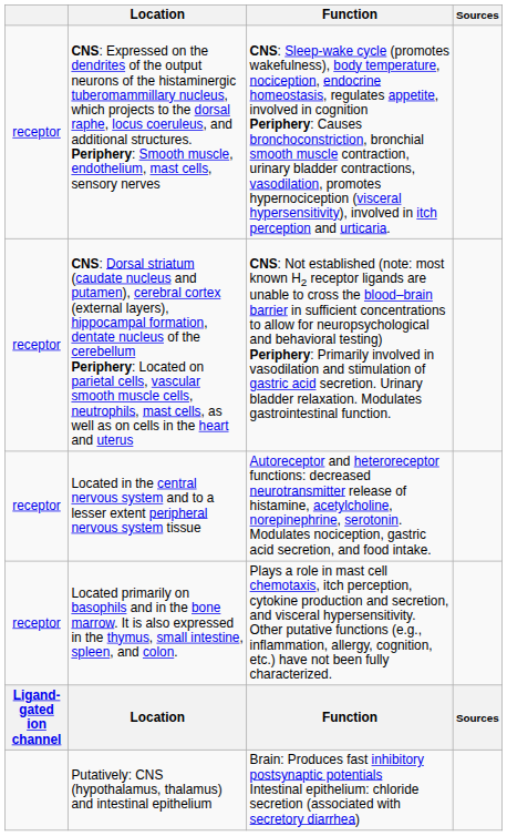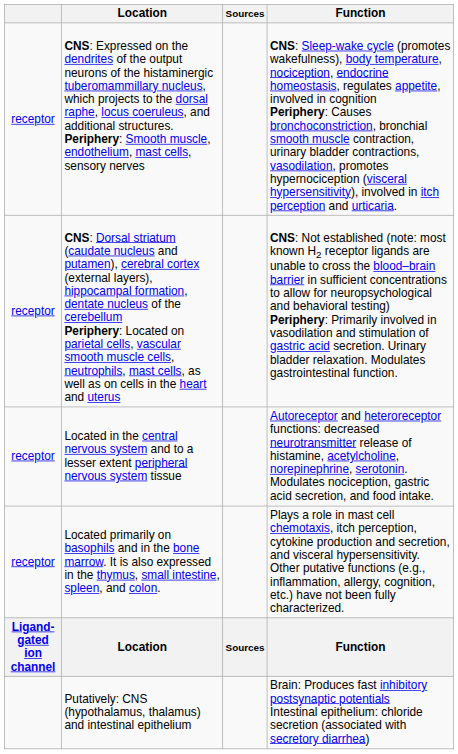 <table class="wikitable">
 <tr>
 <th></th>
 <th>Location</th>
+<th><small>Sources</small></th>
 <th>Function</th>
-<th><small>Sources</small></th>
 </tr>
 <tr>
 <td style="text-align:center"><a href='#'> receptor</a></td>
 <td style="vertical-align:top"><br><strong>CNS</strong>: Expressed on the <a href='#'>dendrites</a> of the output neurons of the histaminergic <a href='#'>tuberomammillary nucleus</a>, which projects to the <a href='#'>dorsal raphe</a>, <a href='#'>locus coeruleus</a>, and additional structures.<br> <strong>Periphery</strong>: <a href='#'>Smooth muscle</a>, <a href='#'>endothelium</a>, <a href='#'>mast cells</a>, sensory nerves</td>
+<td></td>
 <td style="vertical-align:top"><br> <strong>CNS</strong>: <a href='#'>Sleep-wake cycle</a> (promotes wakefulness), <a href='#'>body temperature</a>, <a href='#'>nociception</a>, <a href='#'>endocrine homeostasis</a>, regulates <a href='#'>appetite</a>, involved in cognition<br> <strong>Periphery</strong>: Causes <a href='#'>bronchoconstriction</a>, bronchial <a href='#'>smooth muscle</a> contraction, urinary bladder contractions, <a href='#'>vasodilation</a>, promotes hypernociception (<a href='#'>visceral hypersensitivity</a>), involved in <a href='#'>itch perception</a> and <a href='#'>urticaria</a>.</td>
-<td></td>
 </tr>
 <tr>
 <td style="text-align:center"><a href='#'> receptor</a></td>
 <td style="vertical-align:top"><br><strong>CNS</strong>: <a href='#'>Dorsal striatum</a> (<a href='#'>caudate nucleus</a> and <a href='#'>putamen</a>), <a href='#'>cerebral cortex</a> (external layers), <a href='#'>hippocampal formation</a>, <a href='#'>dentate nucleus</a> of the <a href='#'>cerebellum</a><br> <strong>Periphery</strong>: Located on <a href='#'>parietal cells</a>, <a href='#'>vascular smooth muscle cells</a>, <a href='#'>neutrophils</a>, <a href='#'>mast cells</a>, as well as on cells in the <a href='#'>heart</a> and <a href='#'>uterus</a></td>
+<td></td>
 <td style="vertical-align:top"><br><strong>CNS</strong>: Not established (note: most known H<sub>2</sub> receptor ligands are unable to cross the <a href='#'>blood–brain barrier</a> in sufficient concentrations to allow for neuropsychological and behavioral testing)<br> <strong>Periphery</strong>: Primarily involved in vasodilation and stimulation of <a href='#'>gastric acid</a> secretion. Urinary bladder relaxation. Modulates gastrointestinal function.</td>
-<td></td>
 </tr>
 <tr>
 <td style="text-align:center"><a href='#'> receptor</a></td>
 <td>Located in the <a href='#'>central nervous system</a> and to a lesser extent <a href='#'>peripheral nervous system</a> tissue</td>
+<td></td>
 <td><a href='#'>Autoreceptor</a> and <a href='#'>heteroreceptor</a> functions: decreased <a href='#'>neurotransmitter</a> release of histamine, <a href='#'>acetylcholine</a>, <a href='#'>norepinephrine</a>, <a href='#'>serotonin</a>. Modulates nociception, gastric acid secretion, and food intake.</td>
-<td></td>
 </tr>
 <tr>
 <td style="text-align:center"><a href='#'> receptor</a></td>
 <td>Located primarily on <a href='#'>basophils</a> and in the <a href='#'>bone marrow</a>. It is also expressed in the <a href='#'>thymus</a>, <a href='#'>small intestine</a>, <a href='#'>spleen</a>, and <a href='#'>colon</a>.</td>
+<td></td>
 <td>Plays a role in mast cell <a href='#'>chemotaxis</a>, itch perception, cytokine production and secretion, and visceral hypersensitivity.  Other putative functions (e.g., inflammation, allergy, cognition, etc.) have not been fully characterized.</td>
-<td></td>
 </tr>
 <tr>
 <th scope="col"><a href='#'>Ligand-gated ion channel</a></th>
 <th>Location</th>
+<th><small>Sources</small></th>
 <th>Function</th>
-<th><small>Sources</small></th>
 </tr>
 <tr>
 <td style="text-align:center"> </td>
 <td>Putatively: CNS (hypothalamus, thalamus) and intestinal epithelium</td>
+<td></td>
 <td>Brain: Produces fast <a href='#'>inhibitory postsynaptic potentials</a><br> Intestinal epithelium: chloride secretion (associated with <a href='#'>secretory diarrhea</a>)</td>
-<td></td>
 </tr>
 </table>
